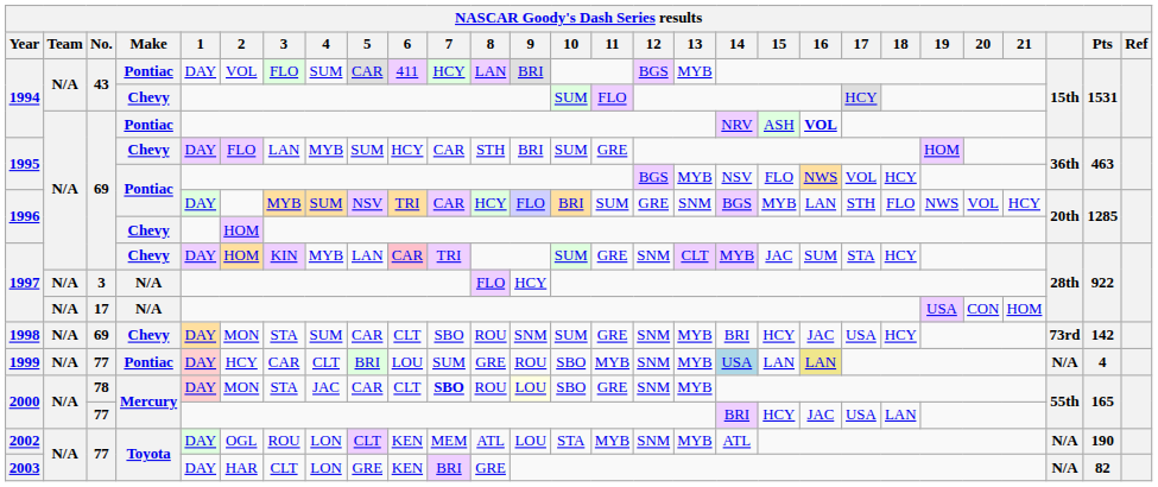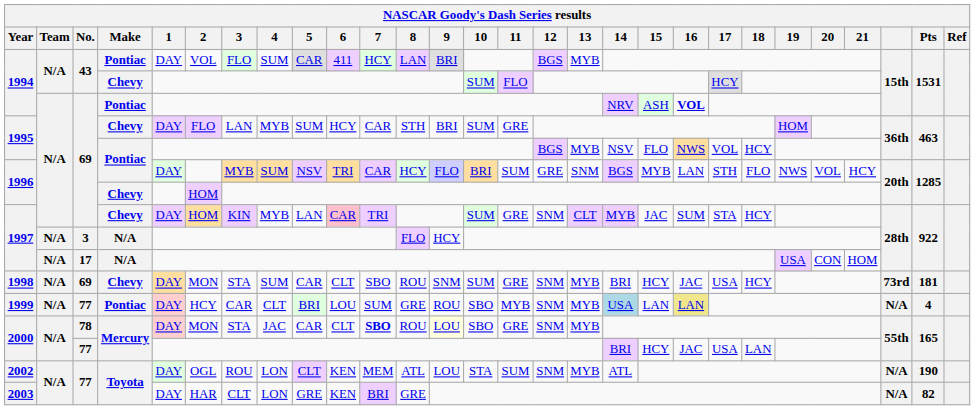 <table class="wikitable" style="text-align:center; font-size:75%">
 <tr>
 <th colspan=32><a href='#'>NASCAR Goody's Dash Series</a> results</th>
 </tr>
 <tr>
 <th>Year</th>
 <th>Team</th>
 <th>No.</th>
 <th>Make</th>
 <th>1</th>
 <th>2</th>
 <th>3</th>
 <th>4</th>
 <th>5</th>
 <th>6</th>
 <th>7</th>
 <th>8</th>
 <th>9</th>
 <th>10</th>
 <th>11</th>
 <th>12</th>
 <th>13</th>
 <th>14</th>
 <th>15</th>
 <th>16</th>
 <th>17</th>
 <th>18</th>
 <th>19</th>
 <th>20</th>
 <th>21</th>
 <th></th>
 <th>Pts</th>
 <th>Ref</th>
 </tr>
 <tr>
 <th rowspan=3><a href='#'>1994</a></th>
 <th rowspan=2>N/A</th>
 <th rowspan=2>43</th>
 <th><a href='#'>Pontiac</a></th>
 <td><a href='#'>DAY</a></td>
 <td><a href='#'>VOL</a></td>
 <td style="background:#DFFFDF;"><a href='#'>FLO</a><br></td>
 <td><a href='#'>SUM</a></td>
 <td style="background:#DFDFDF;"><a href='#'>CAR</a><br></td>
 <td style="background:#EFCFFF;"><a href='#'>411</a><br></td>
 <td style="background:#DFFFDF;"><a href='#'>HCY</a><br></td>
 <td style="background:#EFCFFF;"><a href='#'>LAN</a><br></td>
 <td style="background:#DFDFDF;"><a href='#'>BRI</a><br></td>
 <td colspan=2></td>
 <td style="background:#EFCFFF;"><a href='#'>BGS</a><br></td>
 <td><a href='#'>MYB</a></td>
 <td colspan=8></td>
 <th rowspan=3>15th</th>
 <th rowspan=3>1531</th>
 <th rowspan=3></th>
 </tr>
 <tr>
 <th><a href='#'>Chevy</a></th>
 <td colspan=9></td>
 <td style="background:#DFFFDF;"><a href='#'>SUM</a><br></td>
 <td style="background:#EFCFFF;"><a href='#'>FLO</a><br></td>
 <td colspan=5></td>
 <td style="background:#DFDFDF;"><a href='#'>HCY</a><br></td>
 <td colspan=4></td>
 </tr>
 <tr>
 <th rowspan=6>N/A</th>
 <th rowspan=6>69</th>
 <th><a href='#'>Pontiac</a></th>
 <td colspan=13></td>
 <td style="background:#EFCFFF;"><a href='#'>NRV</a><br></td>
 <td style="background:#DFFFDF;"><a href='#'>ASH</a><br></td>
 <td><strong><a href='#'>VOL</a></strong></td>
 <td colspan=5></td>
 </tr>
 <tr>
 <th rowspan=2><a href='#'>1995</a></th>
 <th><a href='#'>Chevy</a></th>
 <td style="background:#EFCFFF;"><a href='#'>DAY</a><br></td>
 <td style="background:#EFCFFF;"><a href='#'>FLO</a><br></td>
 <td><a href='#'>LAN</a></td>
 <td><a href='#'>MYB</a></td>
 <td><a href='#'>SUM</a></td>
 <td><a href='#'>HCY</a></td>
 <td><a href='#'>CAR</a></td>
 <td><a href='#'>STH</a></td>
 <td><a href='#'>BRI</a></td>
 <td><a href='#'>SUM</a></td>
 <td><a href='#'>GRE</a></td>
 <td colspan=7></td>
 <td style="background:#EFCFFF;"><a href='#'>HOM</a><br></td>
 <td colspan=2></td>
 <th rowspan=2>36th</th>
 <th rowspan=2>463</th>
 <th rowspan=2></th>
 </tr>
 <tr>
 <th rowspan=2><a href='#'>Pontiac</a></th>
 <td colspan=11></td>
 <td style="background:#EFCFFF;"><a href='#'>BGS</a><br></td>
 <td><a href='#'>MYB</a></td>
 <td><a href='#'>NSV</a></td>
 <td><a href='#'>FLO</a></td>
 <td style="background:#FFDF9F;"><a href='#'>NWS</a><br></td>
 <td><a href='#'>VOL</a></td>
 <td><a href='#'>HCY</a></td>
 <td colspan=3></td>
 </tr>
 <tr>
 <th rowspan=2><a href='#'>1996</a></th>
 <td style="background:#DFFFDF;"><a href='#'>DAY</a><br></td>
 <td></td>
 <td style="background:#FFDF9F;"><a href='#'>MYB</a><br></td>
 <td style="background:#FFDF9F;"><a href='#'>SUM</a><br></td>
 <td style="background:#EFCFFF;"><a href='#'>NSV</a><br></td>
 <td style="background:#FFDF9F;"><a href='#'>TRI</a><br></td>
 <td style="background:#EFCFFF;"><a href='#'>CAR</a><br></td>
 <td style="background:#DFFFDF;"><a href='#'>HCY</a><br></td>
 <td style="background:#CFCFFF;"><a href='#'>FLO</a><br></td>
 <td style="background:#FFDF9F;"><a href='#'>BRI</a><br></td>
 <td><a href='#'>SUM</a></td>
 <td><a href='#'>GRE</a></td>
 <td><a href='#'>SNM</a></td>
 <td style="background:#EFCFFF;"><a href='#'>BGS</a><br></td>
 <td><a href='#'>MYB</a></td>
 <td><a href='#'>LAN</a></td>
 <td><a href='#'>STH</a></td>
 <td><a href='#'>FLO</a></td>
 <td><a href='#'>NWS</a></td>
 <td><a href='#'>VOL</a></td>
 <td><a href='#'>HCY</a></td>
 <th rowspan=2>20th</th>
 <th rowspan=2>1285</th>
 <th rowspan=2></th>
 </tr>
 <tr>
 <th><a href='#'>Chevy</a></th>
 <td></td>
 <td style="background:#EFCFFF;"><a href='#'>HOM</a><br></td>
 <td colspan=19></td>
 </tr>
 <tr>
 <th rowspan=3><a href='#'>1997</a></th>
 <th><a href='#'>Chevy</a></th>
 <td style="background:#EFCFFF;"><a href='#'>DAY</a><br></td>
 <td style="background:#FFDF9F;"><a href='#'>HOM</a><br></td>
 <td style="background:#EFCFFF;"><a href='#'>KIN</a><br></td>
 <td><a href='#'>MYB</a></td>
 <td><a href='#'>LAN</a></td>
 <td style="background: pink;"><a href='#'>CAR</a></td>
 <td style="background:#EFCFFF;"><a href='#'>TRI</a><br></td>
 <td colspan=2></td>
 <td style="background:#DFFFDF;"><a href='#'>SUM</a><br></td>
 <td><a href='#'>GRE</a></td>
 <td><a href='#'>SNM</a></td>
 <td style="background:#EFCFFF;"><a href='#'>CLT</a><br></td>
 <td style="background:#EFCFFF;"><a href='#'>MYB</a><br></td>
 <td><a href='#'>JAC</a></td>
 <td><a href='#'>SUM</a></td>
 <td><a href='#'>STA</a></td>
 <td><a href='#'>HCY</a></td>
 <td colspan=3></td>
 <th rowspan=3>28th</th>
 <th rowspan=3>922</th>
 <th rowspan=3></th>
 </tr>
 <tr>
 <th>N/A</th>
 <th>3</th>
 <th>N/A</th>
 <td colspan=7></td>
 <td style="background:#EFCFFF;"><a href='#'>FLO</a><br></td>
 <td><a href='#'>HCY</a></td>
 <td colspan=12></td>
 </tr>
 <tr>
 <th>N/A</th>
 <th>17</th>
 <th>N/A</th>
 <td colspan=18></td>
 <td style="background:#EFCFFF;'"><a href='#'>USA</a><br></td>
 <td><a href='#'>CON</a></td>
 <td><a href='#'>HOM</a></td>
 </tr>
 <tr>
 <th><a href='#'>1998</a></th>
 <th>N/A</th>
 <th>69</th>
 <th><a href='#'>Chevy</a></th>
 <td style="background:#FFDF9F;"><a href='#'>DAY</a><br></td>
 <td><a href='#'>MON</a></td>
 <td><a href='#'>STA</a></td>
 <td><a href='#'>SUM</a></td>
 <td><a href='#'>CAR</a></td>
 <td><a href='#'>CLT</a></td>
 <td><a href='#'>SBO</a></td>
 <td><a href='#'>ROU</a></td>
 <td><a href='#'>SNM</a></td>
 <td><a href='#'>SUM</a></td>
 <td><a href='#'>GRE</a></td>
 <td><a href='#'>SNM</a></td>
 <td><a href='#'>MYB</a></td>
 <td><a href='#'>BRI</a></td>
 <td><a href='#'>HCY</a></td>
 <td><a href='#'>JAC</a></td>
 <td><a href='#'>USA</a></td>
 <td><a href='#'>HCY</a></td>
 <td colspan=3></td>
 <th>73rd</th>
-<th>142</th>
+<th>181</th>
 <th></th>
 </tr>
 <tr>
 <th><a href='#'>1999</a></th>
 <th>N/A</th>
 <th>77</th>
 <th><a href='#'>Pontiac</a></th>
 <td style="background:#FFCFCF;"><a href='#'>DAY</a><br></td>
 <td><a href='#'>HCY</a></td>
 <td><a href='#'>CAR</a></td>
 <td><a href='#'>CLT</a></td>
 <td style="background:#DFFFDF;"><a href='#'>BRI</a><br></td>
 <td><a href='#'>LOU</a></td>
 <td><a href='#'>SUM</a></td>
 <td><a href='#'>GRE</a></td>
 <td><a href='#'>ROU</a></td>
 <td><a href='#'>SBO</a></td>
 <td><a href='#'>MYB</a></td>
 <td><a href='#'>SNM</a></td>
 <td><a href='#'>MYB</a></td>
 <td style="background: lightblue;"><a href='#'>USA</a></td>
 <td><a href='#'>LAN</a></td>
 <td style="background: khaki;"><a href='#'>LAN</a></td>
 <td colspan=5></td>
 <th>N/A</th>
 <th>4</th>
 <th></th>
 </tr>
 <tr>
 <th rowspan=2><a href='#'>2000</a></th>
 <th rowspan=2>N/A</th>
 <th>78</th>
 <th rowspan=2><a href='#'>Mercury</a></th>
 <td style="background:#FFCFCF;"><a href='#'>DAY</a><br></td>
 <td><a href='#'>MON</a></td>
 <td><a href='#'>STA</a></td>
 <td><a href='#'>JAC</a></td>
 <td><a href='#'>CAR</a></td>
 <td><a href='#'>CLT</a></td>
 <td><strong><a href='#'>SBO</a></strong></td>
 <td><a href='#'>ROU</a></td>
 <td style="background: lightyellow;"><a href='#'>LOU</a></td>
 <td><a href='#'>SBO</a></td>
 <td><a href='#'>GRE</a></td>
 <td><a href='#'>SNM</a></td>
 <td><a href='#'>MYB</a></td>
 <td colspan=8></td>
 <th rowspan=2>55th</th>
 <th rowspan=2>165</th>
 <th rowspan=2></th>
 </tr>
 <tr>
 <th>77</th>
 <td colspan=13></td>
 <td style="background:#EFCFFF;"><a href='#'>BRI</a><br></td>
 <td><a href='#'>HCY</a></td>
 <td><a href='#'>JAC</a></td>
 <td><a href='#'>USA</a></td>
 <td><a href='#'>LAN</a></td>
 <td colspan=3></td>
 </tr>
 <tr>
 <th><a href='#'>2002</a></th>
 <th rowspan=2>N/A</th>
 <th rowspan=2>77</th>
 <th rowspan=2><a href='#'>Toyota</a></th>
 <td style="background:#DFFFDF;"><a href='#'>DAY</a><br></td>
 <td><a href='#'>OGL</a></td>
 <td><a href='#'>ROU</a></td>
 <td><a href='#'>LON</a></td>
 <td style="background:#EFCFFF;"><a href='#'>CLT</a><br></td>
 <td><a href='#'>KEN</a></td>
 <td><a href='#'>MEM</a></td>
 <td><a href='#'>ATL</a></td>
 <td><a href='#'>LOU</a></td>
 <td><a href='#'>STA</a></td>
-<td><a href='#'>MYB</a></td>
+<td><a href='#'>SUM</a></td>
 <td><a href='#'>SNM</a></td>
 <td><a href='#'>MYB</a></td>
 <td><a href='#'>ATL</a></td>
 <td colspan=7></td>
 <th>N/A</th>
 <th>190</th>
 <th></th>
 </tr>
 <tr>
 <th><a href='#'>2003</a></th>
 <td><a href='#'>DAY</a></td>
 <td><a href='#'>HAR</a></td>
 <td><a href='#'>CLT</a></td>
 <td><a href='#'>LON</a></td>
 <td><a href='#'>GRE</a></td>
 <td><a href='#'>KEN</a></td>
 <td style="background:#EFCFFF;"><a href='#'>BRI</a><br></td>
 <td><a href='#'>GRE</a></td>
 <td colspan=13></td>
 <th>N/A</th>
 <th>82</th>
 <th></th>
 </tr>
 </table>
